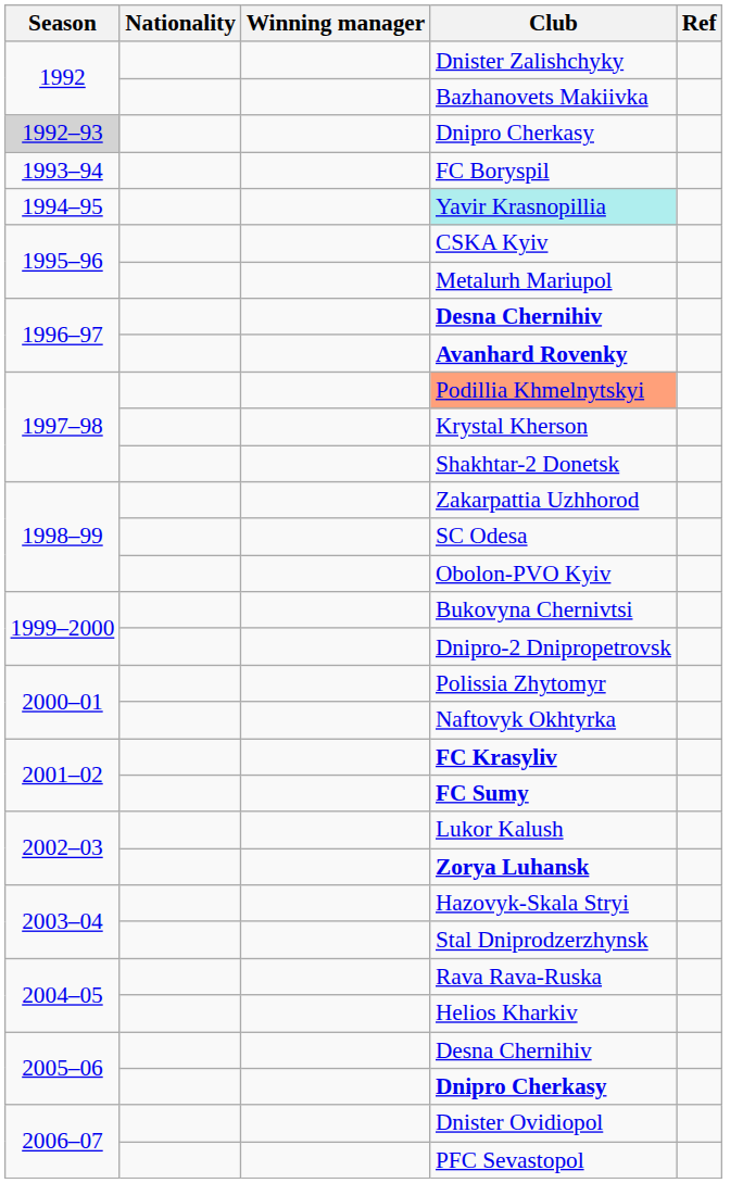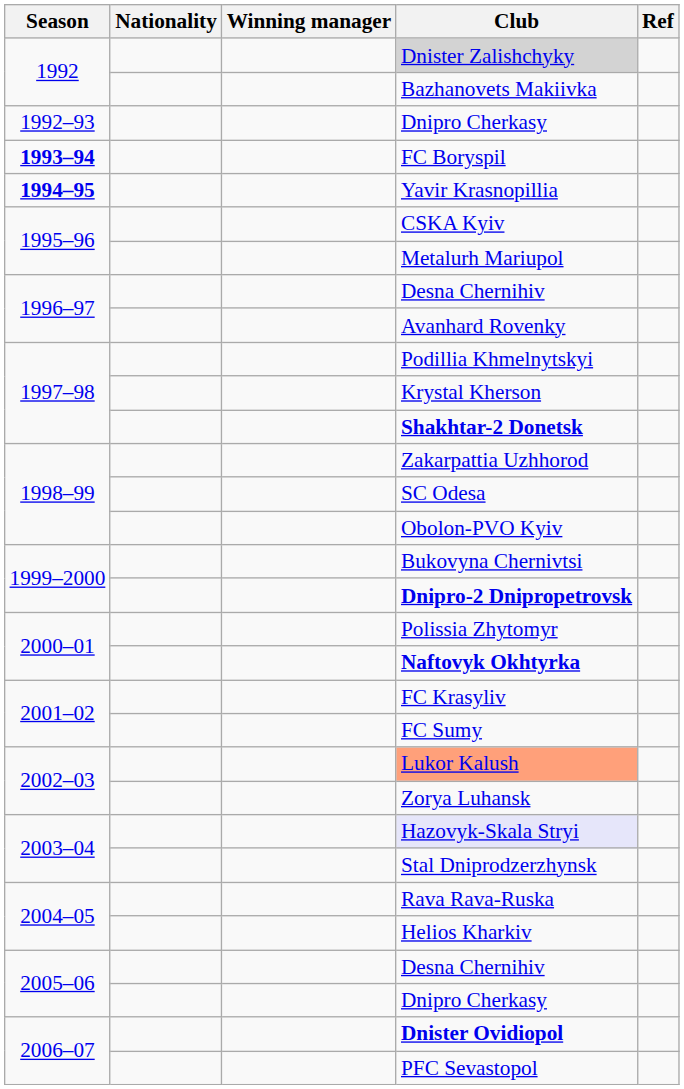 <table class="sortable wikitable">
 <tr>
 <th>Season</th>
 <th>Nationality</th>
 <th>Winning manager</th>
 <th>Club</th>
 <th class="unsortable">Ref</th>
 </tr>
 <tr>
 <td align=center rowspan=2><a href='#'>1992</a></td>
 <td align=center></td>
 <td></td>
-<td><a href='#'>Dnister Zalishchyky</a></td>
+<td style="background: lightgrey;"><a href='#'>Dnister Zalishchyky</a></td>
 <td align=center></td>
 </tr>
 <tr>
 <td align=center></td>
 <td></td>
 <td><a href='#'>Bazhanovets Makiivka</a></td>
 <td align=center></td>
 </tr>
 <tr>
-<td align=center style="background: lightgrey;"><a href='#'>1992–93</a></td>
+<td align=center><a href='#'>1992–93</a></td>
 <td align=center></td>
 <td></td>
 <td><a href='#'>Dnipro Cherkasy</a></td>
 <td align=center></td>
 </tr>
 <tr>
-<td align=center><a href='#'>1993–94</a></td>
+<td align=center><strong><a href='#'>1993–94</a></strong></td>
 <td align=center></td>
 <td></td>
 <td><a href='#'>FC Boryspil</a></td>
 <td align=center></td>
 </tr>
 <tr>
-<td align=center><a href='#'>1994–95</a></td>
+<td align=center><strong><a href='#'>1994–95</a></strong></td>
 <td align=center></td>
 <td></td>
-<td style="background: paleturquoise;"><a href='#'>Yavir Krasnopillia</a></td>
+<td><a href='#'>Yavir Krasnopillia</a></td>
 <td align=center></td>
 </tr>
 <tr>
 <td align=center rowspan=2><a href='#'>1995–96</a></td>
 <td align=center></td>
 <td></td>
 <td><a href='#'>CSKA Kyiv</a></td>
 <td align=center></td>
 </tr>
 <tr>
 <td align=center></td>
 <td></td>
 <td><a href='#'>Metalurh Mariupol</a></td>
 <td align=center></td>
 </tr>
 <tr>
 <td align=center rowspan=2><a href='#'>1996–97</a></td>
 <td align=center></td>
 <td></td>
-<td><strong><a href='#'>Desna Chernihiv</a></strong></td>
+<td><a href='#'>Desna Chernihiv</a></td>
 <td align=center></td>
 </tr>
 <tr>
 <td align=center></td>
 <td></td>
-<td><strong><a href='#'>Avanhard Rovenky</a></strong></td>
+<td><a href='#'>Avanhard Rovenky</a></td>
 <td align=center></td>
 </tr>
 <tr>
 <td align=center rowspan=3><a href='#'>1997–98</a></td>
 <td align=center></td>
 <td></td>
-<td style="background: lightsalmon;"><a href='#'>Podillia Khmelnytskyi</a></td>
+<td><a href='#'>Podillia Khmelnytskyi</a></td>
 <td align=center></td>
 </tr>
 <tr>
 <td align=center></td>
 <td></td>
 <td><a href='#'>Krystal Kherson</a></td>
 <td align=center></td>
 </tr>
 <tr>
 <td align=center></td>
 <td></td>
-<td><a href='#'>Shakhtar-2 Donetsk</a></td>
+<td><strong><a href='#'>Shakhtar-2 Donetsk</a></strong></td>
 <td align=center></td>
 </tr>
 <tr>
 <td align=center rowspan=3><a href='#'>1998–99</a></td>
 <td align=center></td>
 <td></td>
 <td><a href='#'>Zakarpattia Uzhhorod</a></td>
 <td align=center></td>
 </tr>
 <tr>
 <td align=center></td>
 <td></td>
 <td><a href='#'>SC Odesa</a></td>
 <td align=center></td>
 </tr>
 <tr>
 <td align=center></td>
 <td></td>
 <td><a href='#'>Obolon-PVO Kyiv</a></td>
 <td align=center></td>
 </tr>
 <tr>
 <td align=center rowspan=2><a href='#'>1999–2000</a></td>
 <td align=center></td>
 <td></td>
 <td><a href='#'>Bukovyna Chernivtsi</a></td>
 <td align=center></td>
 </tr>
 <tr>
 <td align=center></td>
 <td></td>
-<td><a href='#'>Dnipro-2 Dnipropetrovsk</a></td>
+<td><strong><a href='#'>Dnipro-2 Dnipropetrovsk</a></strong></td>
 <td align=center></td>
 </tr>
 <tr>
 <td align=center rowspan=2><a href='#'>2000–01</a></td>
 <td align=center></td>
 <td></td>
 <td><a href='#'>Polissia Zhytomyr</a></td>
 <td align=center></td>
 </tr>
 <tr>
 <td align=center></td>
 <td></td>
-<td><a href='#'>Naftovyk Okhtyrka</a></td>
+<td><strong><a href='#'>Naftovyk Okhtyrka</a></strong></td>
 <td align=center></td>
 </tr>
 <tr>
 <td align=center rowspan=2><a href='#'>2001–02</a></td>
 <td align=center></td>
 <td></td>
-<td><strong><a href='#'>FC Krasyliv</a></strong></td>
+<td><a href='#'>FC Krasyliv</a></td>
 <td align=center></td>
 </tr>
 <tr>
 <td align=center></td>
 <td></td>
-<td><strong><a href='#'>FC Sumy</a></strong></td>
+<td><a href='#'>FC Sumy</a></td>
 <td align=center></td>
 </tr>
 <tr>
 <td align=center rowspan=2><a href='#'>2002–03</a></td>
 <td align=center></td>
 <td></td>
-<td><a href='#'>Lukor Kalush</a></td>
+<td style="background: lightsalmon;"><a href='#'>Lukor Kalush</a></td>
 <td align=center></td>
 </tr>
 <tr>
 <td align=center></td>
 <td></td>
-<td><strong><a href='#'>Zorya Luhansk</a></strong></td>
+<td><a href='#'>Zorya Luhansk</a></td>
 <td align=center></td>
 </tr>
 <tr>
 <td align=center rowspan=2><a href='#'>2003–04</a></td>
 <td align=center></td>
 <td></td>
-<td><a href='#'>Hazovyk-Skala Stryi</a></td>
+<td style="background: lavender;"><a href='#'>Hazovyk-Skala Stryi</a></td>
 <td align=center></td>
 </tr>
 <tr>
 <td align=center></td>
 <td></td>
 <td><a href='#'>Stal Dniprodzerzhynsk</a></td>
 <td align=center></td>
 </tr>
 <tr>
 <td align=center rowspan=2><a href='#'>2004–05</a></td>
 <td align=center></td>
 <td></td>
 <td><a href='#'>Rava Rava-Ruska</a></td>
 <td align=center></td>
 </tr>
 <tr>
 <td align=center></td>
 <td></td>
 <td><a href='#'>Helios Kharkiv</a></td>
 <td align=center></td>
 </tr>
 <tr>
 <td align=center rowspan=2><a href='#'>2005–06</a></td>
 <td align=center></td>
 <td></td>
 <td><a href='#'>Desna Chernihiv</a></td>
 <td align=center></td>
 </tr>
 <tr>
 <td align=center></td>
 <td></td>
-<td><strong><a href='#'>Dnipro Cherkasy</a></strong></td>
+<td><a href='#'>Dnipro Cherkasy</a></td>
 <td align=center></td>
 </tr>
 <tr>
 <td align=center rowspan=2><a href='#'>2006–07</a></td>
 <td align=center></td>
 <td></td>
-<td><a href='#'>Dnister Ovidiopol</a></td>
+<td><strong><a href='#'>Dnister Ovidiopol</a></strong></td>
 <td align=center></td>
 </tr>
 <tr>
 <td align=center></td>
 <td></td>
 <td><a href='#'>PFC Sevastopol</a></td>
 <td align=center></td>
 </tr>
 </table>
